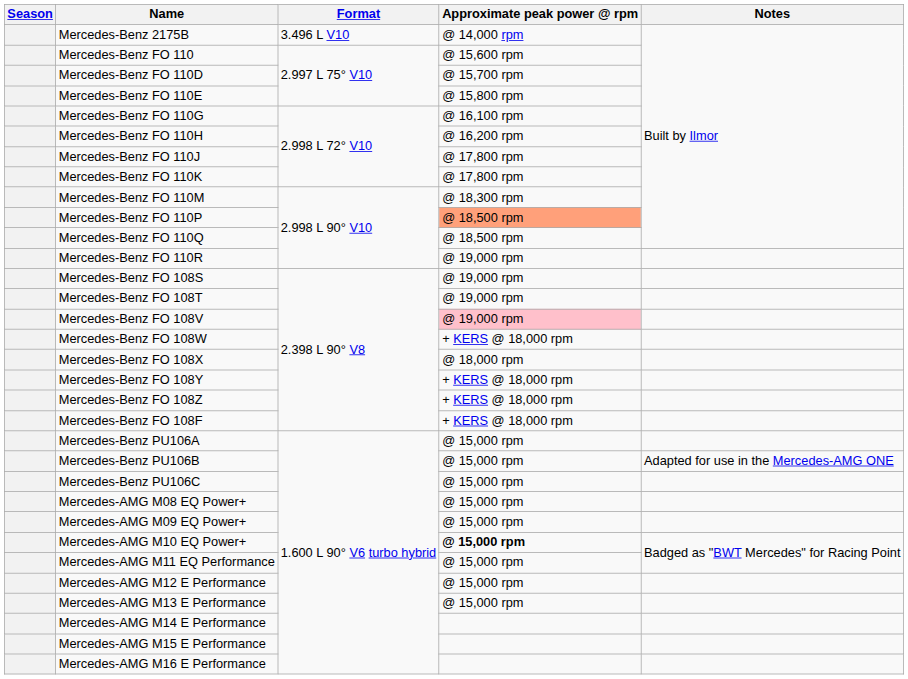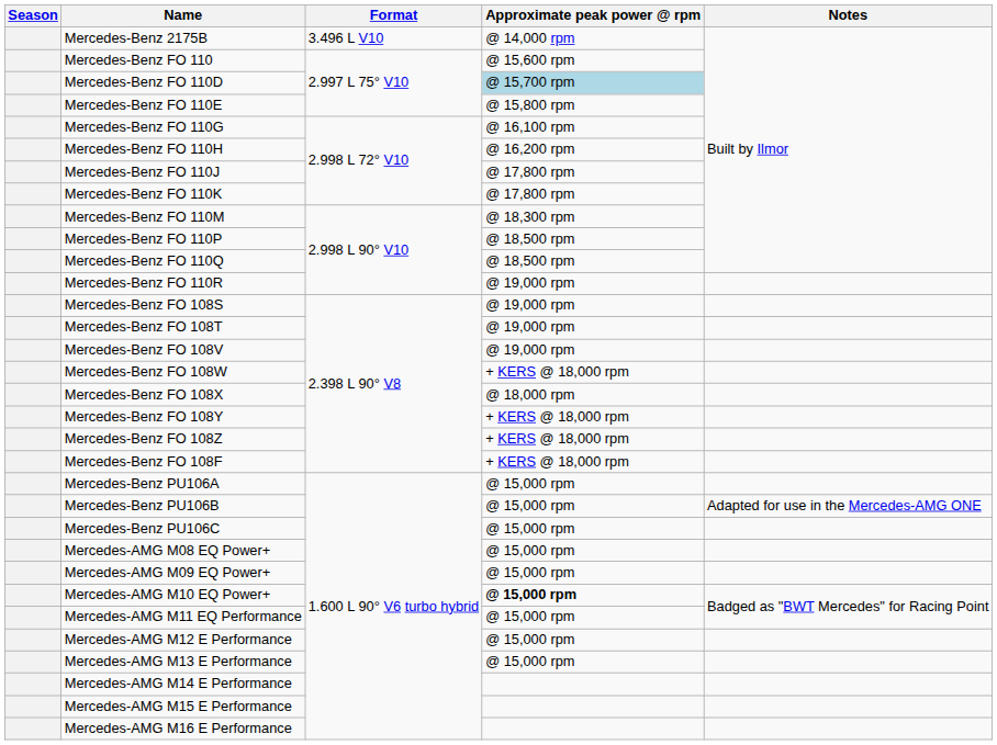 <table class="wikitable">
 <tr>
 <th><a href='#'>Season</a></th>
 <th>Name</th>
 <th><a href='#'>Format</a></th>
 <th>Approximate peak power @ rpm<br></th>
 <th>Notes</th>
 </tr>
 <tr>
 <th></th>
 <td>Mercedes-Benz 2175B</td>
 <td>3.496 L <a href='#'>V10</a></td>
 <td> @ 14,000 <a href='#'>rpm</a></td>
 <td rowspan="11">Built by <a href='#'>Ilmor</a></td>
 </tr>
 <tr>
 <th></th>
 <td>Mercedes-Benz FO 110</td>
 <td rowspan="3">2.997 L 75° <a href='#'>V10</a></td>
 <td> @ 15,600 rpm</td>
 </tr>
 <tr>
 <th></th>
 <td>Mercedes-Benz FO 110D</td>
-<td> @ 15,700 rpm</td>
+<td style="background: lightblue;"> @ 15,700 rpm</td>
 </tr>
 <tr>
 <th></th>
 <td>Mercedes-Benz FO 110E</td>
 <td> @ 15,800 rpm</td>
 </tr>
 <tr>
 <th></th>
 <td>Mercedes-Benz FO 110G</td>
 <td rowspan="4">2.998 L 72° <a href='#'>V10</a></td>
 <td> @ 16,100 rpm</td>
 </tr>
 <tr>
 <th></th>
 <td>Mercedes-Benz FO 110H</td>
 <td> @ 16,200 rpm</td>
 </tr>
 <tr>
 <th></th>
 <td>Mercedes-Benz FO 110J</td>
 <td> @ 17,800 rpm</td>
 </tr>
 <tr>
 <th></th>
 <td>Mercedes-Benz FO 110K</td>
 <td> @ 17,800 rpm</td>
 </tr>
 <tr>
 <th></th>
 <td>Mercedes-Benz FO 110M</td>
 <td rowspan="4">2.998 L 90° <a href='#'>V10</a></td>
 <td> @ 18,300 rpm</td>
 </tr>
 <tr>
 <th></th>
 <td>Mercedes-Benz FO 110P</td>
-<td style="background: lightsalmon;"> @ 18,500 rpm</td>
+<td> @ 18,500 rpm</td>
 </tr>
 <tr>
 <th></th>
 <td>Mercedes-Benz FO 110Q</td>
 <td> @ 18,500 rpm</td>
 </tr>
 <tr>
 <th></th>
 <td>Mercedes-Benz FO 110R</td>
 <td> @ 19,000 rpm</td>
 <td></td>
 </tr>
 <tr>
 <th></th>
 <td>Mercedes-Benz FO 108S</td>
 <td rowspan="8">2.398 L 90° <a href='#'>V8</a></td>
 <td> @ 19,000 rpm</td>
 <td></td>
 </tr>
 <tr>
 <th></th>
 <td>Mercedes-Benz FO 108T</td>
 <td> @ 19,000 rpm</td>
 <td></td>
 </tr>
 <tr>
 <th></th>
 <td>Mercedes-Benz FO 108V</td>
-<td style="background: pink;"> @ 19,000 rpm</td>
+<td> @ 19,000 rpm</td>
 <td></td>
 </tr>
 <tr>
 <th></th>
 <td>Mercedes-Benz FO 108W</td>
 <td> + <a href='#'>KERS</a> @ 18,000 rpm</td>
 <td></td>
 </tr>
 <tr>
 <th></th>
 <td>Mercedes-Benz FO 108X</td>
 <td> @ 18,000 rpm</td>
 <td></td>
 </tr>
 <tr>
 <th></th>
 <td>Mercedes-Benz FO 108Y</td>
 <td> + <a href='#'>KERS</a> @ 18,000 rpm</td>
 <td></td>
 </tr>
 <tr>
 <th></th>
 <td>Mercedes-Benz FO 108Z</td>
 <td> + <a href='#'>KERS</a> @ 18,000 rpm</td>
 <td></td>
 </tr>
 <tr>
 <th></th>
 <td>Mercedes-Benz FO 108F</td>
 <td> + <a href='#'>KERS</a> @ 18,000 rpm</td>
 <td></td>
 </tr>
 <tr>
 <th></th>
 <td>Mercedes-Benz PU106A</td>
 <td rowspan="12">1.600 L 90° <a href='#'>V6</a> <a href='#'>turbo hybrid</a></td>
 <td> @ 15,000 rpm</td>
 <td></td>
 </tr>
 <tr>
 <th></th>
 <td>Mercedes-Benz PU106B</td>
 <td> @ 15,000 rpm</td>
 <td>Adapted for use in the <a href='#'>Mercedes-AMG ONE</a></td>
 </tr>
 <tr>
 <th></th>
 <td>Mercedes-Benz PU106C</td>
 <td> @ 15,000 rpm</td>
 <td></td>
 </tr>
 <tr>
 <th></th>
 <td>Mercedes-AMG M08 EQ Power+</td>
 <td> @ 15,000 rpm</td>
 <td></td>
 </tr>
 <tr>
 <th></th>
 <td>Mercedes-AMG M09 EQ Power+</td>
 <td> @ 15,000 rpm</td>
 <td></td>
 </tr>
 <tr>
 <th></th>
 <td>Mercedes-AMG M10 EQ Power+</td>
 <td><strong> @ 15,000 rpm</strong></td>
 <td rowspan="2">Badged as "<a href='#'>BWT</a> Mercedes" for Racing Point</td>
 </tr>
 <tr>
 <th></th>
 <td>Mercedes-AMG M11 EQ Performance</td>
 <td> @ 15,000 rpm</td>
 </tr>
 <tr>
 <th></th>
 <td>Mercedes-AMG M12 E Performance</td>
 <td> @ 15,000 rpm</td>
 <td></td>
 </tr>
 <tr>
 <th></th>
 <td>Mercedes-AMG M13 E Performance</td>
 <td> @ 15,000 rpm</td>
 <td></td>
 </tr>
 <tr>
 <th></th>
 <td>Mercedes-AMG M14 E Performance</td>
 <td></td>
 <td></td>
 </tr>
 <tr>
 <th></th>
 <td>Mercedes-AMG M15 E Performance</td>
 <td></td>
 <td></td>
 </tr>
 <tr>
 <th></th>
 <td>Mercedes-AMG M16 E Performance</td>
 <td></td>
 <td></td>
 </tr>
 </table>
